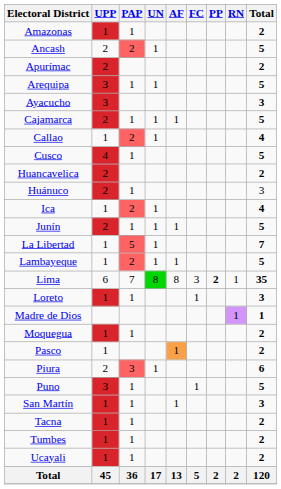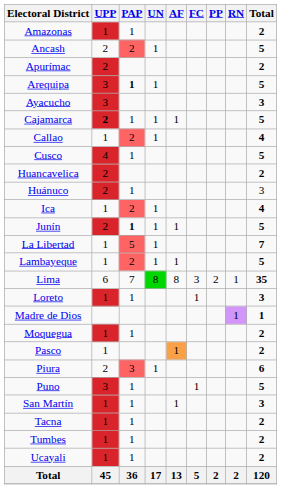 <table class=wikitable style=text-align:center>
 <tr>
 <th>Electoral District</th>
 <th><a href='#'>UPP</a></th>
 <th><a href='#'>PAP</a></th>
 <th><a href='#'>UN</a></th>
 <th><a href='#'>AF</a></th>
 <th><a href='#'>FC</a></th>
 <th><a href='#'>PP</a></th>
 <th><a href='#'>RN</a></th>
 <th>Total</th>
 </tr>
 <tr>
 <td><a href='#'>Amazonas</a></td>
 <td style="background-color:#D8242A;">1</td>
 <td>1</td>
 <td></td>
 <td></td>
 <td></td>
 <td></td>
 <td></td>
 <td><strong>2</strong></td>
 </tr>
 <tr>
 <td><a href='#'>Ancash</a></td>
 <td>2</td>
 <td style="background-color:#FF6464;">2</td>
 <td>1</td>
 <td></td>
 <td></td>
 <td></td>
 <td></td>
 <td><strong>5</strong></td>
 </tr>
 <tr>
 <td><a href='#'>Apurímac</a></td>
 <td style="background-color:#D8242A;">2</td>
 <td></td>
 <td></td>
 <td></td>
 <td></td>
 <td></td>
 <td></td>
 <td><strong>2</strong></td>
 </tr>
 <tr>
 <td><a href='#'>Arequipa</a></td>
 <td style="background-color:#D8242A;">3</td>
-<td>1</td>
+<td><strong>1</strong></td>
 <td>1</td>
 <td></td>
 <td></td>
 <td></td>
 <td></td>
 <td><strong>5</strong></td>
 </tr>
 <tr>
 <td><a href='#'>Ayacucho</a></td>
 <td style="background-color:#D8242A;">3</td>
 <td></td>
 <td></td>
 <td></td>
 <td></td>
 <td></td>
 <td></td>
 <td><strong>3</strong></td>
 </tr>
 <tr>
 <td><a href='#'>Cajamarca</a></td>
-<td style="background-color:#D8242A;">2</td>
+<td style="background-color:#D8242A;"><strong>2</strong></td>
 <td>1</td>
 <td>1</td>
 <td>1</td>
 <td></td>
 <td></td>
 <td></td>
 <td><strong>5</strong></td>
 </tr>
 <tr>
 <td><a href='#'>Callao</a></td>
 <td>1</td>
 <td style="background-color:#FF6464;">2</td>
 <td>1</td>
 <td></td>
 <td></td>
 <td></td>
 <td></td>
 <td><strong>4</strong></td>
 </tr>
 <tr>
 <td><a href='#'>Cusco</a></td>
 <td style="background-color:#D8242A;">4</td>
 <td>1</td>
 <td></td>
 <td></td>
 <td></td>
 <td></td>
 <td></td>
 <td><strong>5</strong></td>
 </tr>
 <tr>
 <td><a href='#'>Huancavelica</a></td>
 <td style="background-color:#D8242A;">2</td>
 <td></td>
 <td></td>
 <td></td>
 <td></td>
 <td></td>
 <td></td>
 <td><strong>2</strong></td>
 </tr>
 <tr>
 <td><a href='#'>Huánuco</a></td>
 <td style="background-color:#D8242A;">2</td>
 <td>1</td>
 <td></td>
 <td></td>
 <td></td>
 <td></td>
 <td></td>
 <td>3</td>
 </tr>
 <tr>
 <td><a href='#'>Ica</a></td>
 <td>1</td>
 <td style="background-color:#FF6464;">2</td>
 <td>1</td>
 <td></td>
 <td></td>
 <td></td>
 <td></td>
 <td><strong>4</strong></td>
 </tr>
 <tr>
 <td><a href='#'>Junín</a></td>
 <td style="background-color:#D8242A;">2</td>
-<td>1</td>
+<td><strong>1</strong></td>
 <td>1</td>
 <td>1</td>
 <td></td>
 <td></td>
 <td></td>
 <td><strong>5</strong></td>
 </tr>
 <tr>
 <td><a href='#'>La Libertad</a></td>
 <td>1</td>
 <td style="background-color:#FF6464;">5</td>
 <td>1</td>
 <td></td>
 <td></td>
 <td></td>
 <td></td>
 <td><strong>7</strong></td>
 </tr>
 <tr>
 <td><a href='#'>Lambayeque</a></td>
 <td>1</td>
 <td style="background-color:#FF6464;">2</td>
 <td>1</td>
 <td>1</td>
 <td></td>
 <td></td>
 <td></td>
 <td><strong>5</strong></td>
 </tr>
 <tr>
 <td><a href='#'>Lima</a></td>
 <td>6</td>
 <td>7</td>
 <td style="background-color:#00D700;">8</td>
 <td>8</td>
 <td>3</td>
-<td><strong>2</strong></td>
+<td>2</td>
 <td>1</td>
 <td><strong>35</strong></td>
 </tr>
 <tr>
 <td><a href='#'>Loreto</a></td>
 <td style="background-color:#D8242A;">1</td>
 <td>1</td>
 <td></td>
 <td></td>
 <td>1</td>
 <td></td>
 <td></td>
 <td><strong>3</strong></td>
 </tr>
 <tr>
 <td><a href='#'>Madre de Dios</a></td>
 <td></td>
 <td></td>
 <td></td>
 <td></td>
 <td></td>
 <td></td>
 <td style="background-color:#D296FA;">1</td>
 <td><strong>1</strong></td>
 </tr>
 <tr>
 <td><a href='#'>Moquegua</a></td>
 <td style="background-color:#D8242A;">1</td>
 <td>1</td>
 <td></td>
 <td></td>
 <td></td>
 <td></td>
 <td></td>
 <td><strong>2</strong></td>
 </tr>
 <tr>
 <td><a href='#'>Pasco</a></td>
 <td>1</td>
 <td></td>
 <td></td>
 <td style="background-color:#FAA046;">1</td>
 <td></td>
 <td></td>
 <td></td>
 <td><strong>2</strong></td>
 </tr>
 <tr>
 <td><a href='#'>Piura</a></td>
 <td>2</td>
 <td style="background-color:#FF6464;">3</td>
 <td>1</td>
 <td></td>
 <td></td>
 <td></td>
 <td></td>
 <td><strong>6</strong></td>
 </tr>
 <tr>
 <td><a href='#'>Puno</a></td>
 <td style="background-color:#D8242A;">3</td>
 <td>1</td>
 <td></td>
 <td></td>
 <td>1</td>
 <td></td>
 <td></td>
 <td><strong>5</strong></td>
 </tr>
 <tr>
 <td><a href='#'>San Martín</a></td>
 <td style="background-color:#D8242A;">1</td>
 <td>1</td>
 <td></td>
 <td>1</td>
 <td></td>
 <td></td>
 <td></td>
 <td><strong>3</strong></td>
 </tr>
 <tr>
 <td><a href='#'>Tacna</a></td>
 <td style="background-color:#D8242A;">1</td>
 <td>1</td>
 <td></td>
 <td></td>
 <td></td>
 <td></td>
 <td></td>
 <td><strong>2</strong></td>
 </tr>
 <tr>
 <td><a href='#'>Tumbes</a></td>
 <td style="background-color:#D8242A;">1</td>
 <td>1</td>
 <td></td>
 <td></td>
 <td></td>
 <td></td>
 <td></td>
 <td><strong>2</strong></td>
 </tr>
 <tr>
 <td><a href='#'>Ucayali</a></td>
 <td style="background-color:#D8242A;">1</td>
 <td>1</td>
 <td></td>
 <td></td>
 <td></td>
 <td></td>
 <td></td>
 <td><strong>2</strong></td>
 </tr>
 <tr>
 <th>Total</th>
 <th>45</th>
 <th>36</th>
 <th>17</th>
 <th>13</th>
 <th>5</th>
 <th>2</th>
 <th>2</th>
 <th>120</th>
 </tr>
 <tr>
 </tr>
 </table>
